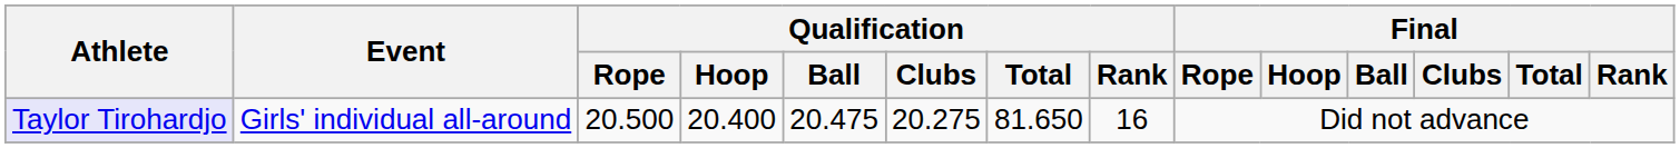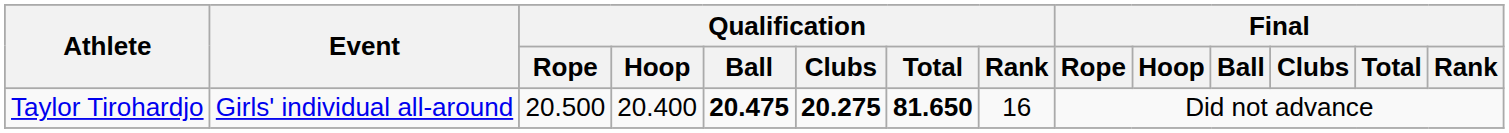 <table class="wikitable" style="font-size:90%;">
 <tr>
 <th rowspan=2>Athlete</th>
 <th rowspan=2>Event</th>
 <th colspan=6>Qualification</th>
 <th colspan=6>Final</th>
 </tr>
 <tr>
 <th>Rope</th>
 <th>Hoop</th>
 <th>Ball</th>
 <th>Clubs</th>
 <th>Total</th>
 <th>Rank</th>
 <th>Rope</th>
 <th>Hoop</th>
 <th>Ball</th>
 <th>Clubs</th>
 <th>Total</th>
 <th>Rank</th>
 </tr>
 <tr>
-<td style="background: lavender;"><a href='#'>Taylor Tirohardjo</a></td>
+<td><a href='#'>Taylor Tirohardjo</a></td>
 <td><a href='#'>Girls' individual all-around</a></td>
 <td align=center>20.500</td>
 <td align=center>20.400</td>
-<td align=center>20.475</td>
-<td align=center>20.275</td>
-<td align=center>81.650</td>
+<td align=center><strong>20.475</strong></td>
+<td align=center><strong>20.275</strong></td>
+<td align=center><strong>81.650</strong></td>
 <td align=center>16</td>
 <td style="text-align:center;" colspan="6">Did not advance</td>
 </tr>
 </table>
